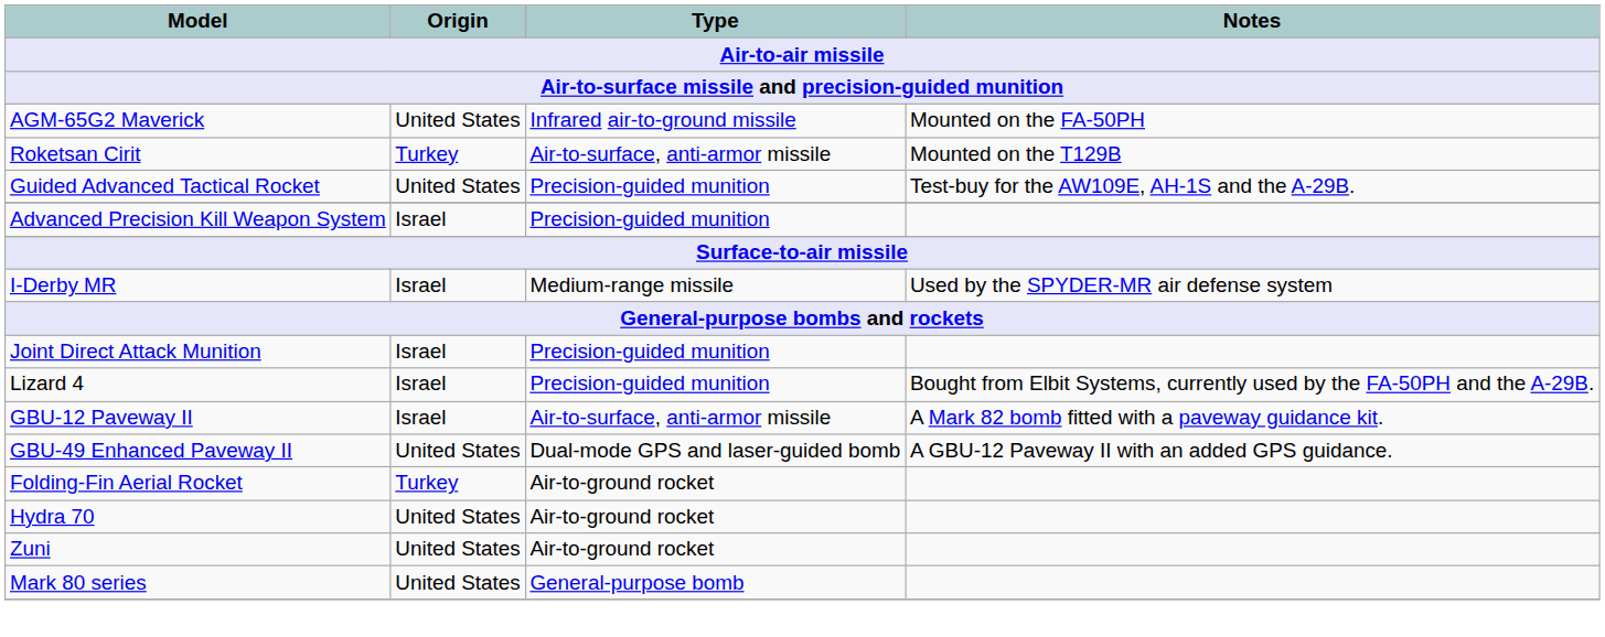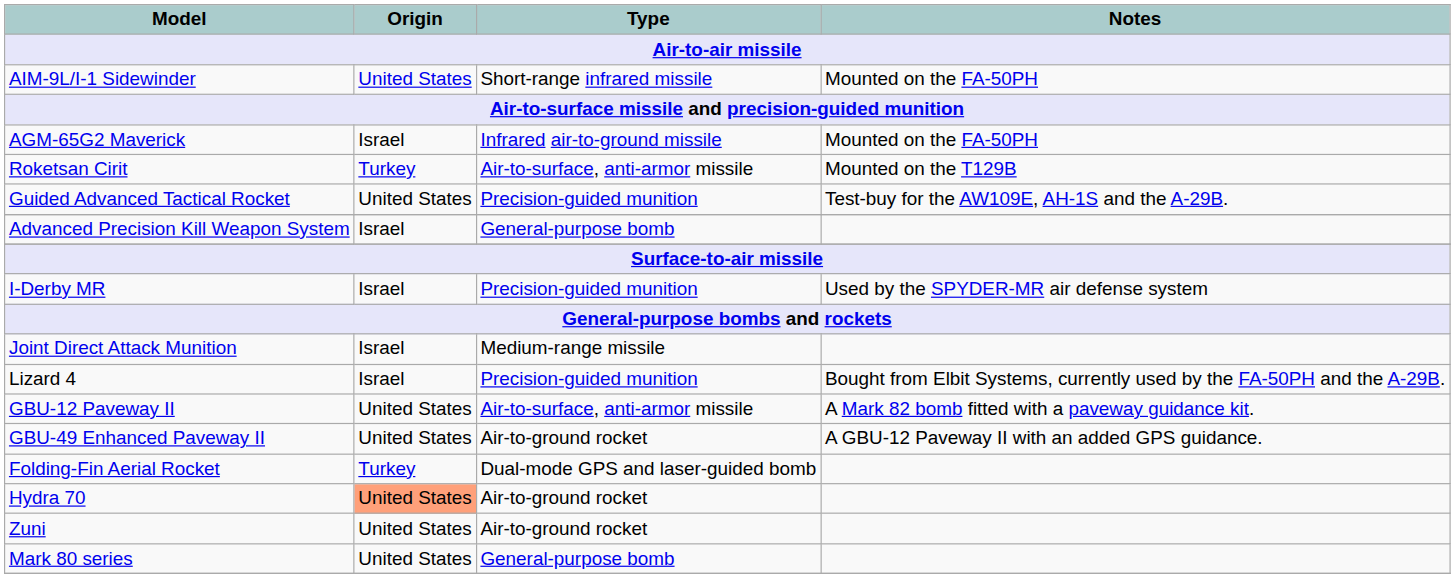 <table class="wikitable">
 <tr>
 <th style="text-align: center; background:#acc;">Model</th>
 <th style="text-align: center; background:#acc;">Origin</th>
 <th style="text-align: center; background:#acc;">Type</th>
 <th style="text-align: center; background:#acc;">Notes</th>
 </tr>
 <tr>
 <th style="align: center; background: lavender;" colspan="4"><a href='#'>Air-to-air missile</a></th>
 </tr>
 <tr>
+<td><a href='#'>AIM-9L/I-1 Sidewinder</a></td>
+<td><a href='#'>United States</a></td>
+<td>Short-range <a href='#'>infrared missile</a></td>
+<td>Mounted on the <a href='#'>FA-50PH</a></td>
+</tr>
+<tr>
 <th style="align: center; background: lavender;" colspan="4"><a href='#'>Air-to-surface missile</a> and <a href='#'>precision-guided munition</a></th>
 </tr>
 <tr>
 <td><a href='#'>AGM-65G2 Maverick</a></td>
-<td>United States</td>
+<td>Israel</td>
 <td><a href='#'>Infrared</a> <a href='#'>air-to-ground missile</a></td>
 <td>Mounted on the <a href='#'>FA-50PH</a></td>
 </tr>
 <tr>
 <td><a href='#'>Roketsan Cirit</a></td>
 <td><a href='#'>Turkey</a></td>
 <td><a href='#'>Air-to-surface</a>, <a href='#'>anti-armor</a> missile</td>
 <td>Mounted on the <a href='#'>T129B</a></td>
 </tr>
 <tr>
 <td><a href='#'>Guided Advanced Tactical Rocket</a></td>
 <td>United States</td>
 <td><a href='#'>Precision-guided munition</a></td>
 <td>Test-buy for the <a href='#'>AW109E</a>, <a href='#'>AH-1S</a> and the <a href='#'>A-29B</a>.</td>
 </tr>
 <tr>
 </tr>
 <tr>
 <td><a href='#'>Advanced Precision Kill Weapon System</a></td>
 <td>Israel</td>
-<td><a href='#'>Precision-guided munition</a></td>
+<td><a href='#'>General-purpose bomb</a></td>
 <td></td>
 </tr>
 <tr>
 </tr>
 <tr>
 <th style="align: center; background: lavender;" colspan="4"><a href='#'>Surface-to-air missile</a></th>
 </tr>
 <tr>
 <td><a href='#'>I-Derby MR</a></td>
 <td>Israel</td>
-<td>Medium-range missile</td>
+<td><a href='#'>Precision-guided munition</a></td>
 <td>Used by the <a href='#'>SPYDER-MR</a> air defense system</td>
 </tr>
 <tr>
 <th style="align: center; background: lavender;" colspan="4"><a href='#'>General-purpose bombs</a> and <a href='#'>rockets</a></th>
 </tr>
 <tr>
 <td><a href='#'>Joint Direct Attack Munition</a></td>
 <td>Israel</td>
-<td><a href='#'>Precision-guided munition</a></td>
+<td>Medium-range missile</td>
 <td></td>
 </tr>
 <tr>
 <td>Lizard 4</td>
 <td>Israel</td>
 <td><a href='#'>Precision-guided munition</a></td>
 <td>Bought from Elbit Systems, currently used by the <a href='#'>FA-50PH</a> and the <a href='#'>A-29B</a>.</td>
 </tr>
 <tr>
 <td><a href='#'>GBU-12 Paveway II</a></td>
-<td>Israel</td>
+<td>United States</td>
 <td><a href='#'>Air-to-surface</a>, <a href='#'>anti-armor</a> missile</td>
 <td>A <a href='#'>Mark 82 bomb</a> fitted with a <a href='#'>paveway guidance kit</a>.</td>
 </tr>
 <tr>
 <td><a href='#'>GBU-49 Enhanced Paveway II</a></td>
 <td>United States</td>
-<td>Dual-mode GPS and laser-guided bomb</td>
+<td>Air-to-ground rocket</td>
 <td>A GBU-12 Paveway II with an added GPS guidance.</td>
 </tr>
 <tr>
 <td><a href='#'>Folding-Fin Aerial Rocket</a></td>
 <td><a href='#'>Turkey</a></td>
-<td>Air-to-ground rocket</td>
+<td>Dual-mode GPS and laser-guided bomb</td>
 <td></td>
 </tr>
 <tr>
 <td><a href='#'>Hydra 70</a></td>
-<td>United States</td>
+<td style="background: lightsalmon;">United States</td>
 <td>Air-to-ground rocket</td>
 <td></td>
 </tr>
 <tr>
 <td><a href='#'>Zuni</a></td>
 <td>United States</td>
 <td>Air-to-ground rocket</td>
 <td></td>
 </tr>
 <tr>
 <td><a href='#'>Mark 80 series</a></td>
 <td>United States</td>
 <td><a href='#'>General-purpose bomb</a></td>
 <td></td>
 </tr>
 <tr>
 </tr>
 </table>
